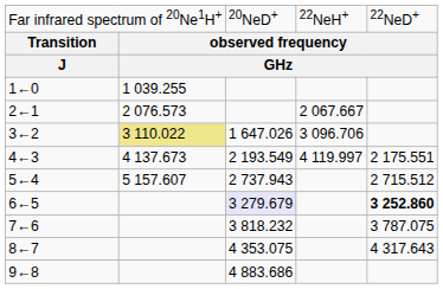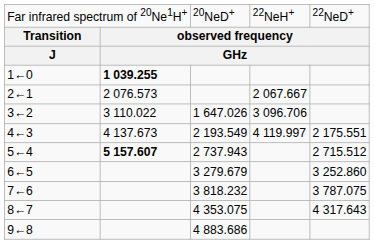 <table class="wikitable">
 <tr>
 <td colspan=2>Far infrared spectrum of <sup>20</sup>Ne<sup>1</sup>H<sup>+</sup></td>
 <td><sup>20</sup>NeD<sup>+</sup></td>
 <td><sup>22</sup>NeH<sup>+</sup></td>
 <td><sup>22</sup>NeD<sup>+</sup></td>
 </tr>
 <tr>
 <th>Transition</th>
 <th colspan=4>observed frequency</th>
 </tr>
 <tr>
 <th>J</th>
 <th colspan=4>GHz</th>
 </tr>
 <tr>
 <td>1←0</td>
-<td>1 039.255</td>
+<td><strong>1 039.255</strong></td>
 <td></td>
 <td></td>
 <td></td>
 </tr>
 <tr>
 <td>2←1</td>
 <td>2 076.573</td>
 <td></td>
 <td>2 067.667</td>
 <td></td>
 </tr>
 <tr>
 <td>3←2</td>
-<td style="background: khaki;">3 110.022</td>
+<td>3 110.022</td>
 <td>1 647.026</td>
 <td>3 096.706</td>
 <td></td>
 </tr>
 <tr>
 <td>4←3</td>
 <td>4 137.673</td>
 <td>2 193.549</td>
 <td>4 119.997</td>
 <td>2 175.551</td>
 </tr>
 <tr>
 <td>5←4</td>
-<td>5 157.607</td>
+<td><strong>5 157.607</strong></td>
 <td>2 737.943</td>
 <td></td>
 <td>2 715.512</td>
 </tr>
 <tr>
 <td>6←5</td>
 <td></td>
-<td style="background: lavender;">3 279.679</td>
+<td>3 279.679</td>
 <td></td>
-<td><strong>3 252.860</strong></td>
+<td>3 252.860</td>
 </tr>
 <tr>
 <td>7←6</td>
 <td></td>
 <td>3 818.232</td>
 <td></td>
 <td>3 787.075</td>
 </tr>
 <tr>
 <td>8←7</td>
 <td></td>
 <td>4 353.075</td>
 <td></td>
 <td>4 317.643</td>
 </tr>
 <tr>
 <td>9←8</td>
 <td></td>
 <td>4 883.686</td>
 <td></td>
 <td></td>
 </tr>
 </table>
